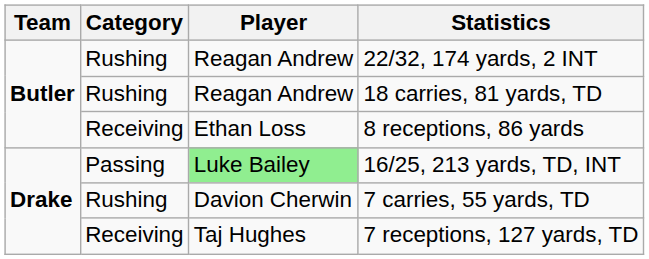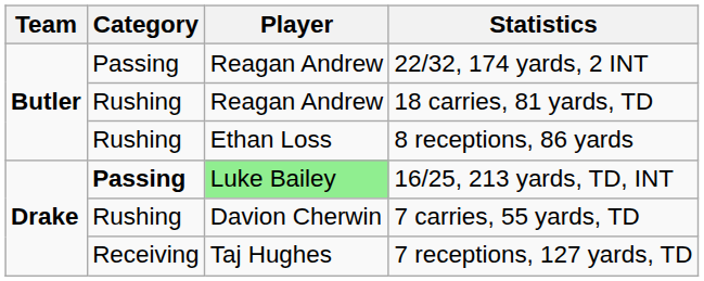 <table class="wikitable" style="float: right;">
 <tr>
 <th>Team</th>
 <th>Category</th>
 <th>Player</th>
 <th>Statistics</th>
 </tr>
 <tr>
 <td rowspan=3><strong>Butler</strong></td>
-<td>Rushing</td>
+<td>Passing</td>
 <td>Reagan Andrew</td>
 <td>22/32, 174 yards, 2 INT</td>
 </tr>
 <tr>
 <td>Rushing</td>
 <td>Reagan Andrew</td>
 <td>18 carries, 81 yards, TD</td>
 </tr>
 <tr>
-<td>Receiving</td>
+<td>Rushing</td>
 <td>Ethan Loss</td>
 <td>8 receptions, 86 yards</td>
 </tr>
 <tr>
 <td rowspan=3><strong>Drake</strong></td>
-<td>Passing</td>
+<td><strong>Passing</strong></td>
 <td style="background: lightgreen;">Luke Bailey</td>
 <td>16/25, 213 yards, TD, INT</td>
 </tr>
 <tr>
 <td>Rushing</td>
 <td>Davion Cherwin</td>
 <td>7 carries, 55 yards, TD</td>
 </tr>
 <tr>
 <td>Receiving</td>
 <td>Taj Hughes</td>
 <td>7 receptions, 127 yards, TD</td>
 </tr>
 </table>
